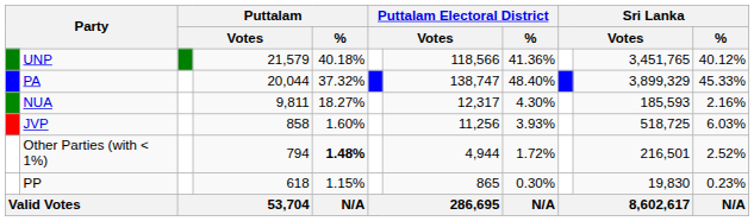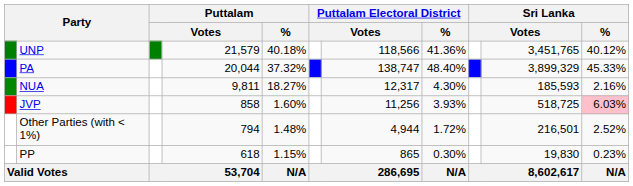 <table class="wikitable">
 <tr>
 <th colspan="2" width="144px"rowspan="2">Party</th>
 <th colspan="3" width="216px">Puttalam</th>
 <th colspan="3" width="216px"><a href='#'>Puttalam Electoral District</a></th>
 <th colspan="3" width="216px">Sri Lanka</th>
 </tr>
 <tr>
 <th colspan="2" width="144px">Votes</th>
 <th>%</th>
 <th colspan="2" width="144px">Votes</th>
 <th>%</th>
 <th colspan="2" width="144px">Votes</th>
 <th>%</th>
 </tr>
 <tr>
 <td style="background-color:green;" width="10px"></td>
 <td style="text-align:left;"><a href='#'>UNP</a></td>
 <td style="background-color:green;" width="10px"></td>
 <td style="text-align:right;">21,579</td>
 <td style="text-align:right;">40.18%</td>
 <td style="background-color:white;" width="10px"></td>
 <td style="text-align:right;">118,566</td>
 <td style="text-align:right;">41.36%</td>
 <td style="background-color:white;" width="10px"></td>
 <td style="text-align:right;">3,451,765</td>
 <td style="text-align:right;">40.12%</td>
 </tr>
 <tr>
 <td style="background-color:blue;" width="10px"></td>
 <td style="text-align:left;"><a href='#'>PA</a></td>
 <td style="background-color:white;" width="10px"></td>
 <td style="text-align:right;">20,044</td>
 <td style="text-align:right;">37.32%</td>
 <td style="background-color:blue;" width="10px"></td>
 <td style="text-align:right;">138,747</td>
 <td style="text-align:right;">48.40%</td>
 <td style="background-color:blue;" width="10px"></td>
 <td style="text-align:right;">3,899,329</td>
 <td style="text-align:right;">45.33%</td>
 </tr>
 <tr>
 <td style="background-color:#008800;" width="10px"></td>
 <td style="text-align:left;"><a href='#'>NUA</a></td>
 <td style="background-color:white;" width="10px"></td>
 <td style="text-align:right;">9,811</td>
 <td style="text-align:right;">18.27%</td>
 <td style="background-color:white;" width="10px"></td>
 <td style="text-align:right;">12,317</td>
 <td style="text-align:right;">4.30%</td>
 <td style="background-color:white;" width="10px"></td>
 <td style="text-align:right;">185,593</td>
 <td style="text-align:right;">2.16%</td>
 </tr>
 <tr>
 <td style="background-color:red;" width="10px"></td>
 <td style="text-align:left;"><a href='#'>JVP</a></td>
 <td style="background-color:white;" width="10px"></td>
 <td style="text-align:right;">858</td>
 <td style="text-align:right;">1.60%</td>
 <td style="background-color:white;" width="10px"></td>
 <td style="text-align:right;">11,256</td>
 <td style="text-align:right;">3.93%</td>
 <td style="background-color:white;" width="10px"></td>
 <td style="text-align:right;">518,725</td>
-<td style="text-align:right;">6.03%</td>
+<td style="background: pink; text-align:right;">6.03%</td>
 </tr>
 <tr>
 <td style="background-color:white;" width="10px"></td>
 <td style="text-align:left;">Other Parties (with < 1%)</td>
 <td style="background-color:white;" width="10px"></td>
 <td style="text-align:right;">794</td>
-<td style="text-align:right;"><strong>1.48%</strong></td>
+<td style="text-align:right;">1.48%</td>
 <td style="background-color:white;" width="10px"></td>
 <td style="text-align:right;">4,944</td>
 <td style="text-align:right;">1.72%</td>
 <td style="background-color:white;" width="10px"></td>
 <td style="text-align:right;">216,501</td>
 <td style="text-align:right;">2.52%</td>
 </tr>
 <tr>
 <td style="background-color:white;" width="10px"></td>
 <td style="text-align:left;">PP</td>
 <td style="background-color:white;" width="10px"></td>
 <td style="text-align:right;">618</td>
 <td style="text-align:right;">1.15%</td>
 <td style="background-color:white;" width="10px"></td>
 <td style="text-align:right;">865</td>
 <td style="text-align:right;">0.30%</td>
 <td style="background-color:white;" width="10px"></td>
 <td style="text-align:right;">19,830</td>
 <td style="text-align:right;">0.23%</td>
 </tr>
 <tr>
 <th colspan="2" width="144px"style="text-align:left;">Valid Votes</th>
 <th style="text-align:right;"colspan="2" width="144px">53,704</th>
 <th style="text-align:right;">N/A</th>
 <th style="text-align:right;"colspan="2" width="144px">286,695</th>
 <th style="text-align:right;">N/A</th>
 <th style="text-align:right;"colspan="2" width="144px">8,602,617</th>
 <th style="text-align:right;">N/A</th>
 </tr>
 </table>
